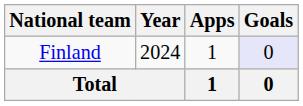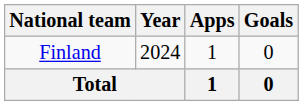 <table class="wikitable" style="text-align:center">
 <tr>
 <th>National team</th>
 <th>Year</th>
 <th>Apps</th>
 <th>Goals</th>
 </tr>
 <tr>
 <td rowspan=1><a href='#'>Finland</a></td>
 <td>2024</td>
 <td>1</td>
-<td style="background: lavender;">0</td>
+<td>0</td>
 </tr>
 <tr>
 <th colspan="2">Total</th>
 <th>1</th>
 <th>0</th>
 </tr>
 </table>
